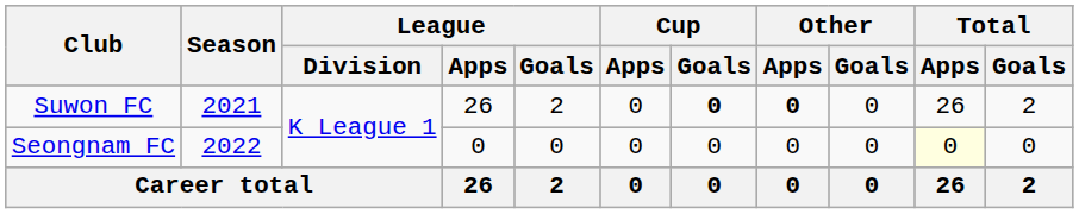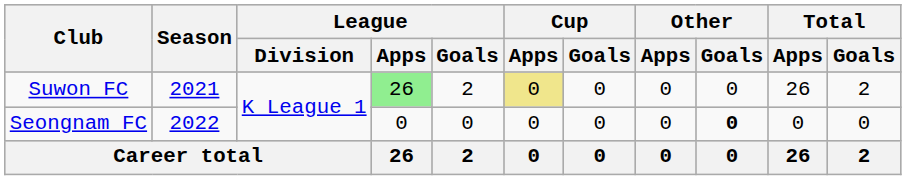 <table class="wikitable" style="text-align: center">
 <tr>
 <th rowspan="2">Club</th>
 <th rowspan="2">Season</th>
 <th colspan="3">League</th>
 <th colspan="2">Cup</th>
 <th colspan="2">Other</th>
 <th colspan="2">Total</th>
 </tr>
 <tr>
 <th>Division</th>
 <th>Apps</th>
 <th>Goals</th>
 <th>Apps</th>
 <th>Goals</th>
 <th>Apps</th>
 <th>Goals</th>
 <th>Apps</th>
 <th>Goals</th>
 </tr>
 <tr>
 <td><a href='#'>Suwon FC</a></td>
 <td><a href='#'>2021</a></td>
 <td rowspan=2><a href='#'>K League 1</a></td>
-<td>26</td>
+<td style="background: lightgreen;">26</td>
 <td>2</td>
+<td style="background: khaki;">0</td>
 <td>0</td>
-<td><strong>0</strong></td>
-<td><strong>0</strong></td>
+<td>0</td>
 <td>0</td>
 <td>26</td>
 <td>2</td>
 </tr>
 <tr>
 <td><a href='#'>Seongnam FC</a></td>
 <td><a href='#'>2022</a></td>
 <td>0</td>
 <td>0</td>
 <td>0</td>
 <td>0</td>
 <td>0</td>
+<td><strong>0</strong></td>
 <td>0</td>
-<td style="background: lightyellow;">0</td>
 <td>0</td>
 </tr>
 <tr>
 <th colspan=3>Career total</th>
 <th>26</th>
 <th>2</th>
 <th>0</th>
 <th>0</th>
 <th>0</th>
 <th>0</th>
 <th>26</th>
 <th>2</th>
 </tr>
 </table>
